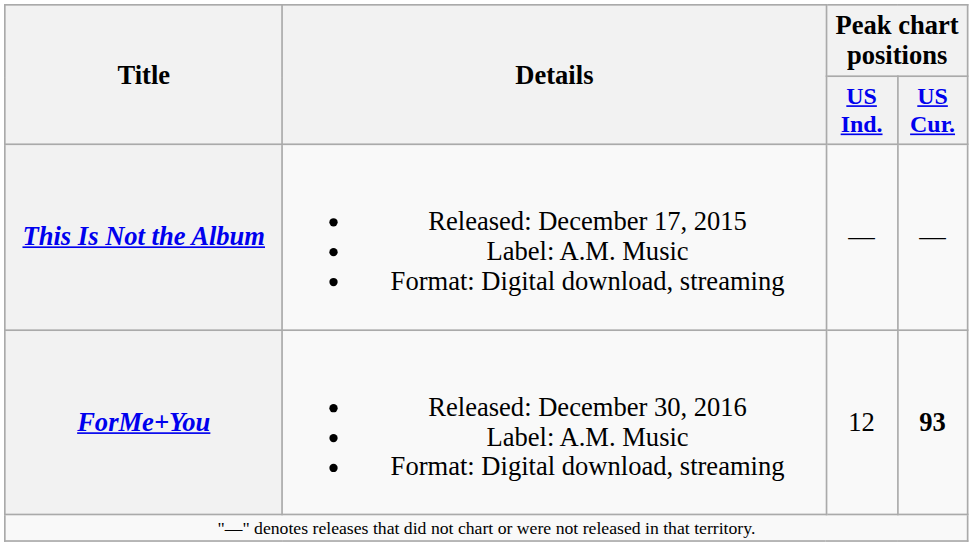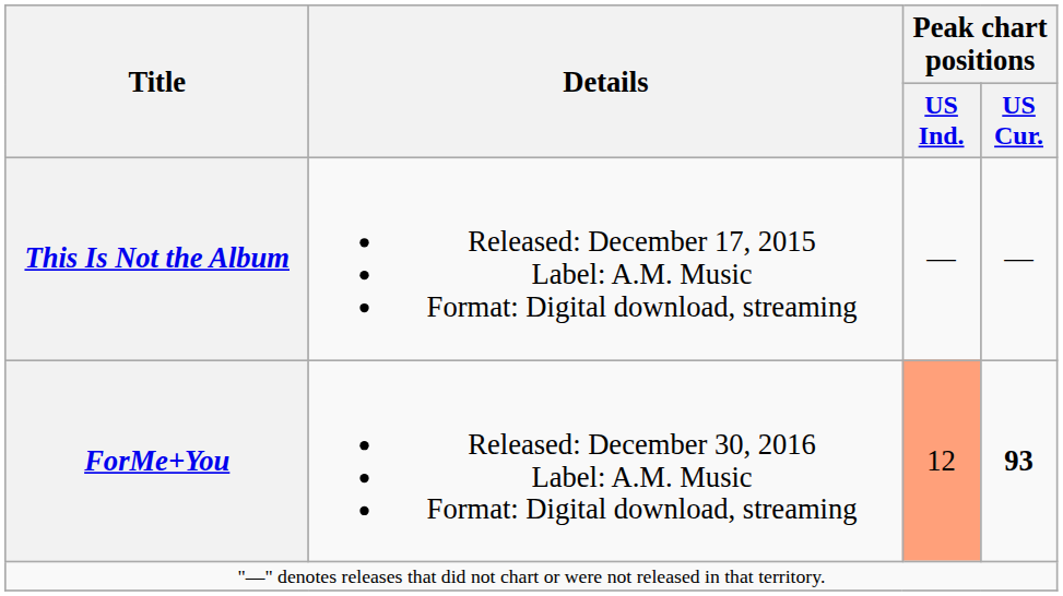 <table class="wikitable plainrowheaders" style="text-align:center;">
 <tr>
 <th scope="col" rowspan="2" style="width:10em;">Title</th>
 <th scope="col" rowspan="2" style="width:20em;">Details</th>
 <th scope="col" colspan="2">Peak chart positions</th>
 </tr>
 <tr>
 <th scope="col" style="width:2.5em;font-size:90%;"><a href='#'>US<br>Ind.</a><br></th>
 <th scope="col" style="width:2.5em;font-size:90%;"><a href='#'>US<br>Cur.</a><br></th>
 </tr>
 <tr>
 <th scope="row"><em><a href='#'>This Is Not the Album</a></em></th>
 <td><br><ul><li>Released: December 17, 2015</li><li>Label: A.M. Music</li><li>Format: Digital download, streaming</li></ul></td>
 <td>—</td>
 <td>—</td>
 </tr>
 <tr>
 <th scope="row"><em><a href='#'>ForMe+You</a></em></th>
 <td><br><ul><li>Released: December 30, 2016</li><li>Label: A.M. Music</li><li>Format: Digital download, streaming</li></ul></td>
-<td>12</td>
+<td style="background: lightsalmon;">12</td>
 <td><strong>93</strong></td>
 </tr>
 <tr>
 <td colspan="8" style="font-size:8pt">"—" denotes releases that did not chart or were not released in that territory.</td>
 </tr>
 </table>
